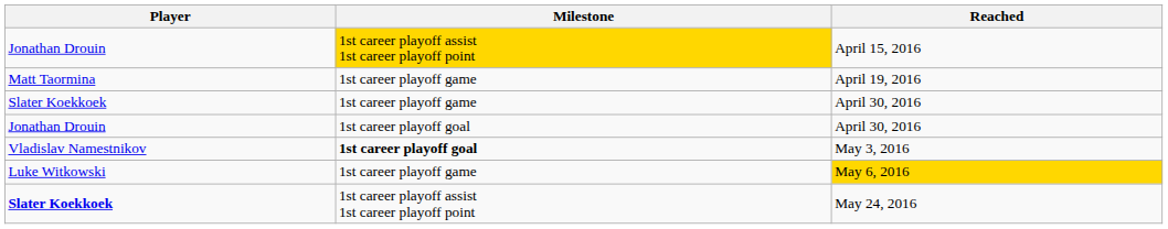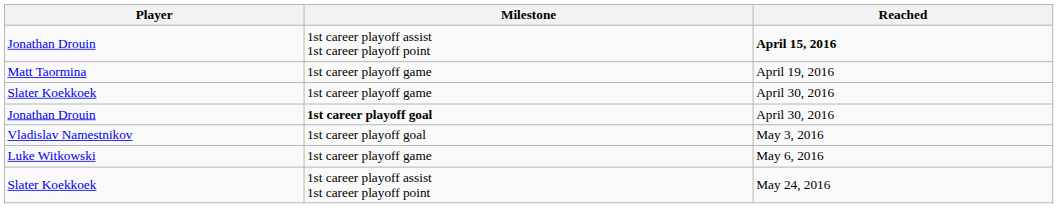 <table class="wikitable sortable" style="width:100%;">
 <tr align=center>
 <th style="width:20%;">Player</th>
 <th style="width:30%;">Milestone</th>
 <th style="width:20%;" data-sort-type="date">Reached</th>
 </tr>
 <tr>
 <td><a href='#'>Jonathan Drouin</a></td>
-<td style="background: gold;">1st career playoff assist<br>1st career playoff point</td>
-<td>April 15, 2016</td>
+<td>1st career playoff assist<br>1st career playoff point</td>
+<td><strong>April 15, 2016</strong></td>
 </tr>
 <tr>
 <td><a href='#'>Matt Taormina</a></td>
 <td>1st career playoff game</td>
 <td>April 19, 2016</td>
 </tr>
 <tr>
 <td><a href='#'>Slater Koekkoek</a></td>
 <td>1st career playoff game</td>
 <td>April 30, 2016</td>
 </tr>
 <tr>
 <td><a href='#'>Jonathan Drouin</a></td>
-<td>1st career playoff goal</td>
+<td><strong>1st career playoff goal</strong></td>
 <td>April 30, 2016</td>
 </tr>
 <tr>
 <td><a href='#'>Vladislav Namestnikov</a></td>
-<td><strong>1st career playoff goal</strong></td>
+<td>1st career playoff goal</td>
 <td>May 3, 2016</td>
 </tr>
 <tr>
 <td><a href='#'>Luke Witkowski</a></td>
 <td>1st career playoff game</td>
-<td style="background: gold;">May 6, 2016</td>
+<td>May 6, 2016</td>
 </tr>
 <tr>
-<td><strong><a href='#'>Slater Koekkoek</a></strong></td>
+<td><a href='#'>Slater Koekkoek</a></td>
 <td>1st career playoff assist<br>1st career playoff point</td>
 <td>May 24, 2016</td>
 </tr>
 </table>
